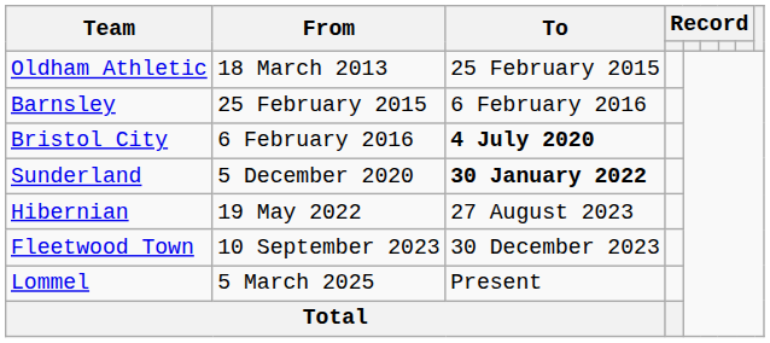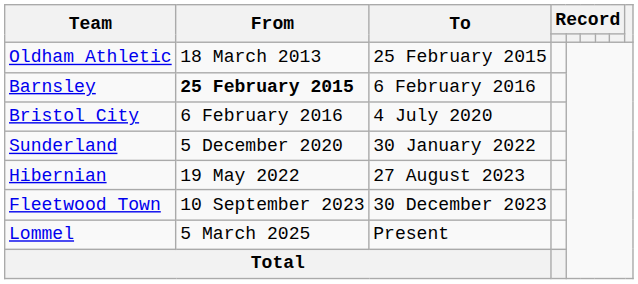 <table class=wikitable style=text-align:center>
 <tr>
 <th rowspan=2>Team</th>
 <th rowspan=2>From</th>
 <th rowspan=2>To</th>
 <th colspan=5>Record</th>
 <th rowspan=2></th>
 </tr>
 <tr>
 <th></th>
 <th></th>
 <th></th>
 <th></th>
 <th></th>
 </tr>
 <tr>
 <td align=left><a href='#'>Oldham Athletic</a></td>
 <td align=left>18 March 2013</td>
 <td align=left>25 February 2015<br></td>
 <td></td>
 </tr>
 <tr>
 <td align=left><a href='#'>Barnsley</a></td>
-<td align=left>25 February 2015</td>
+<td align=left><strong>25 February 2015</strong></td>
 <td align=left>6 February 2016<br></td>
 <td></td>
 </tr>
 <tr>
 <td align=left><a href='#'>Bristol City</a></td>
 <td align=left>6 February 2016</td>
-<td align=left><strong>4 July 2020<br></strong></td>
+<td align=left>4 July 2020<br></td>
 <td></td>
 </tr>
 <tr>
 <td align=left><a href='#'>Sunderland</a></td>
 <td align=left>5 December 2020</td>
-<td align=left><strong>30 January 2022<br></strong></td>
+<td align=left>30 January 2022<br></td>
 <td></td>
 </tr>
 <tr>
 <td align=left><a href='#'>Hibernian</a></td>
 <td align=left>19 May 2022</td>
 <td align=left>27 August 2023<br></td>
 <td></td>
 </tr>
 <tr>
 <td align=left><a href='#'>Fleetwood Town</a></td>
 <td align=left>10 September 2023</td>
 <td align=left>30 December 2023<br></td>
 <td></td>
 </tr>
 <tr>
 <td align=left><a href='#'>Lommel</a></td>
 <td align=left>5 March 2025</td>
 <td align=left>Present<br></td>
 <td></td>
 </tr>
 <tr>
 <th colspan=3>Total<br></th>
 <th></th>
 </tr>
 </table>
